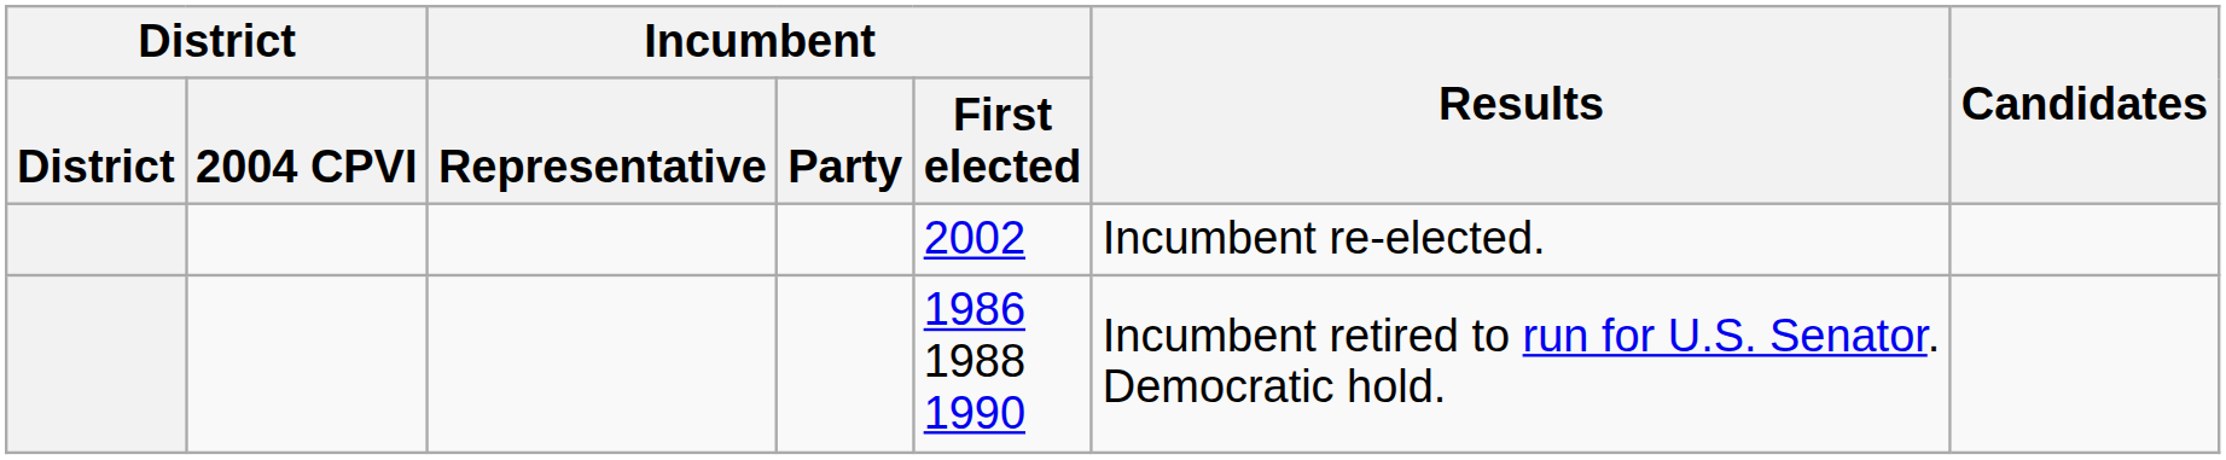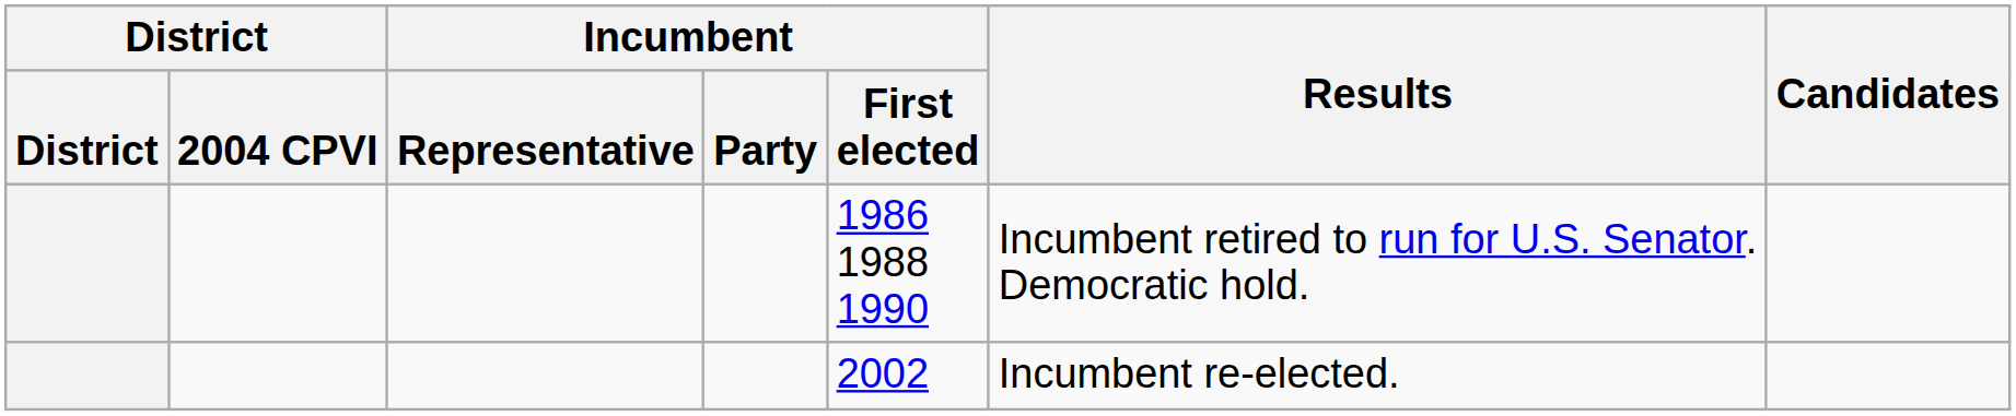 <table class="wikitable sortable">
 <tr>
 <th colspan=2>District</th>
 <th colspan=3>Incumbent</th>
 <th rowspan=2>Results</th>
 <th rowspan=2>Candidates</th>
 </tr>
 <tr valign=bottom>
 <th>District</th>
 <th>2004 CPVI</th>
 <th>Representative</th>
 <th>Party</th>
 <th>First<br>elected</th>
 </tr>
 <tr>
 <th></th>
 <td></td>
 <td></td>
 <td></td>
-<td><a href='#'>2002 </a></td>
-<td>Incumbent re-elected.</td>
+<td><a href='#'>1986 </a><br>1988 <br><a href='#'>1990</a></td>
+<td>Incumbent retired to <a href='#'>run for U.S. Senator</a>.<br>Democratic hold.</td>
 <td nowrap></td>
 </tr>
 <tr>
 <th></th>
 <td></td>
 <td></td>
 <td></td>
-<td><a href='#'>1986 </a><br>1988 <br><a href='#'>1990</a></td>
-<td>Incumbent retired to <a href='#'>run for U.S. Senator</a>.<br>Democratic hold.</td>
+<td><a href='#'>2002 </a></td>
+<td>Incumbent re-elected.</td>
 <td nowrap></td>
 </tr>
 </table>
